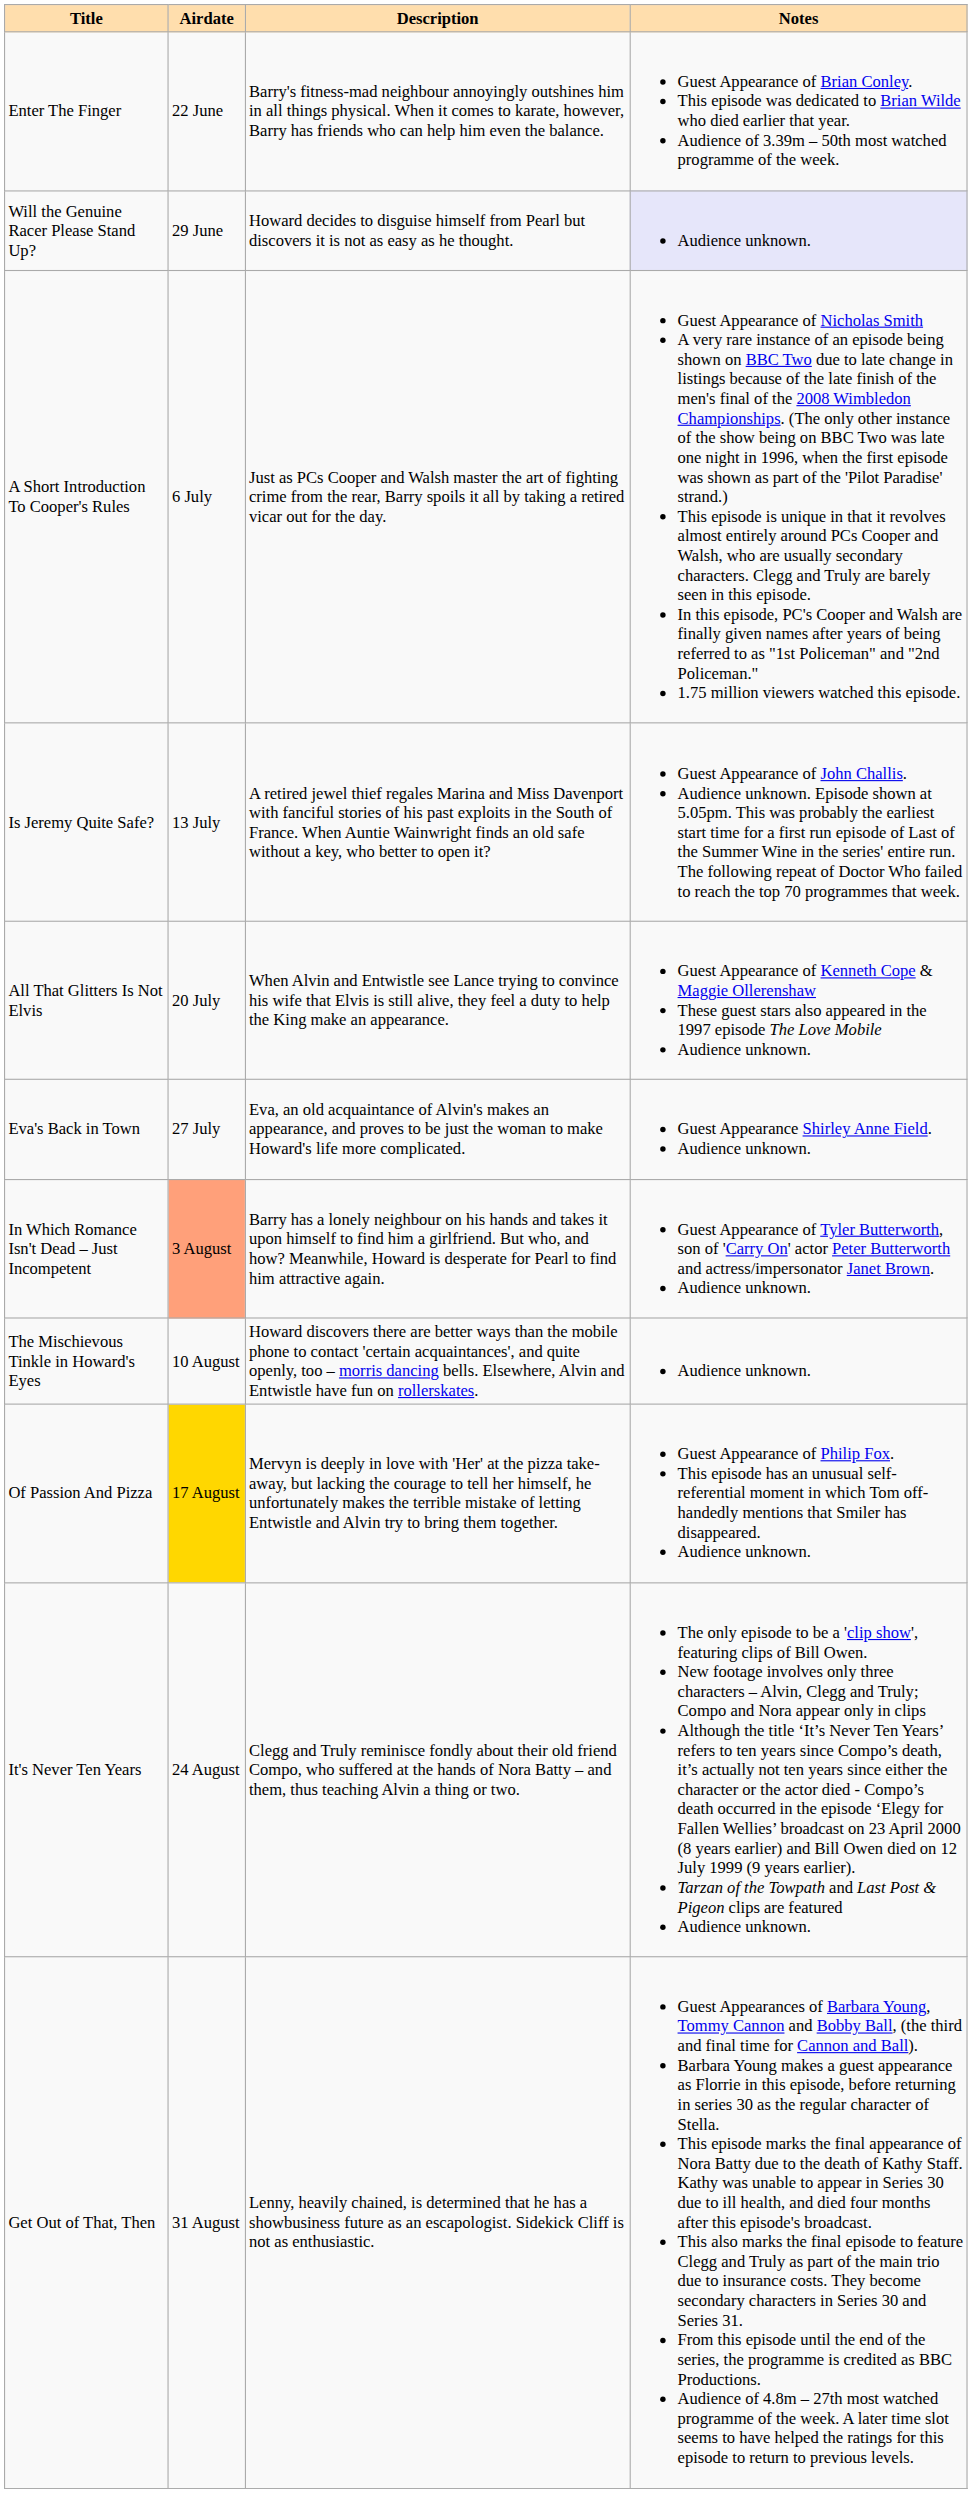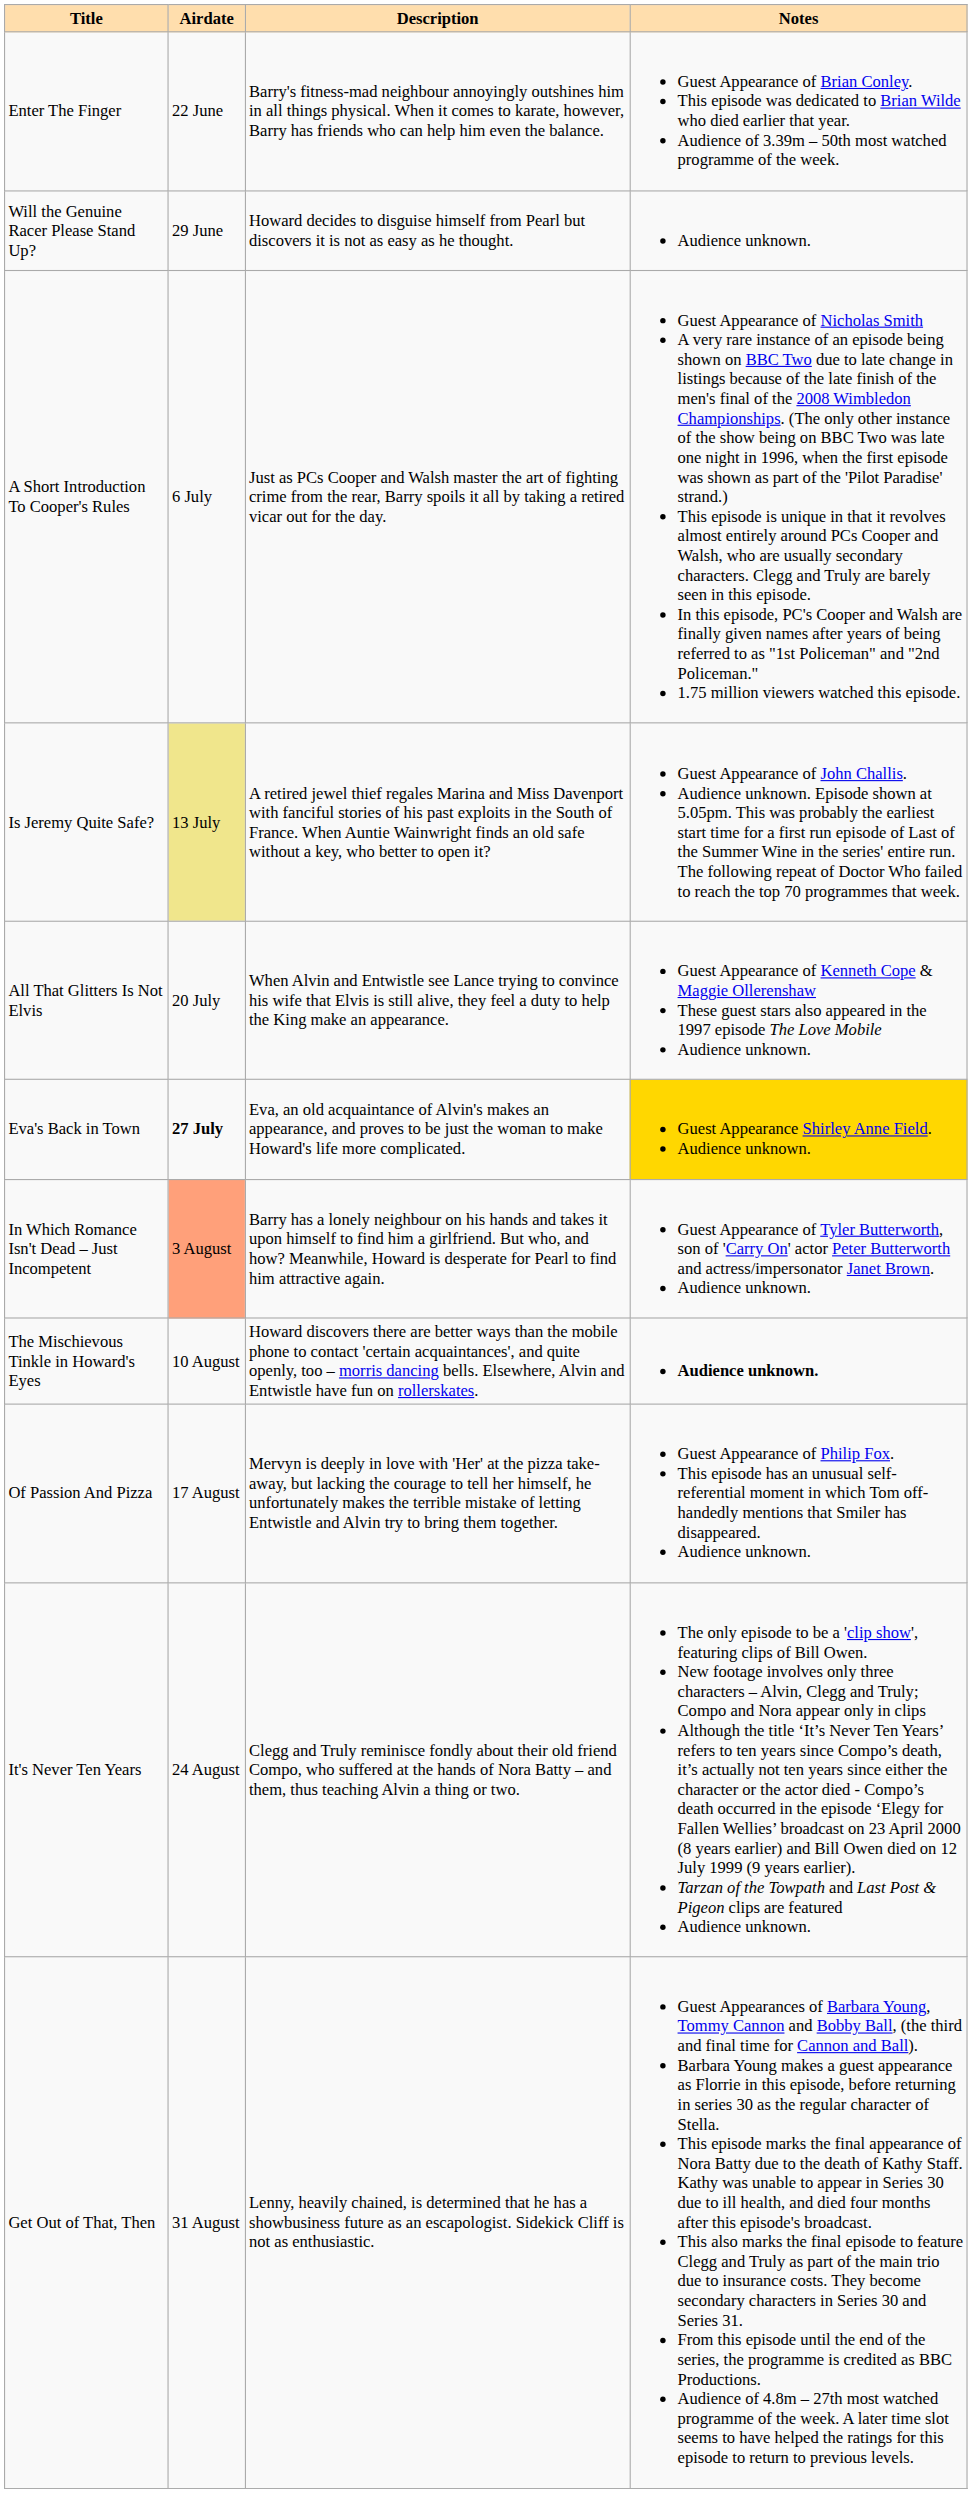 <table class="wikitable" width=100% border=1 style="font-size: 95%">
 <tr>
 <th style="background:#ffdead" width=17%>Title</th>
 <th style="background:#ffdead" width=8%>Airdate</th>
 <th style="background:#ffdead" width=40%>Description</th>
 <th style="background:#ffdead" width=50%>Notes</th>
 </tr>
 <tr>
 <td>Enter The Finger</td>
 <td>22 June</td>
 <td>Barry's fitness-mad neighbour annoyingly outshines him in all things physical. When it comes to karate, however, Barry has friends who can help him even the balance.</td>
 <td><br><ul><li>Guest Appearance of <a href='#'>Brian Conley</a>.</li><li>This episode was dedicated to <a href='#'>Brian Wilde</a> who died earlier that year.</li><li>Audience of 3.39m – 50th most watched programme of the week.</li></ul></td>
 </tr>
 <tr>
 <td>Will the Genuine Racer Please Stand Up?</td>
 <td>29 June</td>
 <td>Howard decides to disguise himself from Pearl but discovers it is not as easy as he thought.</td>
-<td style="background: lavender;"><br><ul><li>Audience unknown.</li></ul></td>
+<td><br><ul><li>Audience unknown.</li></ul></td>
 </tr>
 <tr>
 <td>A Short Introduction To Cooper's Rules</td>
 <td>6 July</td>
 <td>Just as PCs Cooper and Walsh master the art of fighting crime from the rear, Barry spoils it all by taking a retired vicar out for the day.</td>
 <td><br><ul><li>Guest Appearance of <a href='#'>Nicholas Smith</a></li><li>A very rare instance of an episode being shown on <a href='#'>BBC Two</a> due to late change in listings because of the late finish of the men's final of the <a href='#'>2008 Wimbledon Championships</a>. (The only other instance of the show being on BBC Two was late one night in 1996, when the first episode was shown as part of the 'Pilot Paradise' strand.)</li><li>This episode is unique in that it revolves almost entirely around PCs Cooper and Walsh, who are usually secondary characters. Clegg and Truly are barely seen in this episode.</li><li>In this episode, PC's Cooper and Walsh are finally given names after years of being referred to as "1st Policeman" and "2nd Policeman."</li><li>1.75 million viewers watched this episode.</li></ul></td>
 </tr>
 <tr>
 <td>Is Jeremy Quite Safe?</td>
-<td>13 July</td>
+<td style="background: khaki;">13 July</td>
 <td>A retired jewel thief regales Marina and Miss Davenport with fanciful stories of his past exploits in the South of France. When Auntie Wainwright finds an old safe without a key, who better to open it?</td>
 <td><br><ul><li>Guest Appearance of <a href='#'>John Challis</a>.</li><li>Audience unknown.  Episode shown at 5.05pm.  This was probably the earliest start time for a first run episode of Last of the Summer Wine in the series' entire run.  The following repeat of Doctor Who failed to reach the top 70 programmes that week.</li></ul></td>
 </tr>
 <tr>
 <td>All That Glitters Is Not Elvis</td>
 <td>20 July</td>
 <td>When Alvin and Entwistle see Lance trying to convince his wife that Elvis is still alive, they feel a duty to help the King make an appearance.</td>
 <td><br><ul><li>Guest Appearance of <a href='#'>Kenneth Cope</a> & <a href='#'>Maggie Ollerenshaw</a></li><li>These guest stars also appeared in the 1997 episode <em>The Love Mobile</em></li><li>Audience unknown.</li></ul></td>
 </tr>
 <tr>
 <td>Eva's Back in Town</td>
-<td>27 July</td>
+<td><strong>27 July</strong></td>
 <td>Eva, an old acquaintance of Alvin's makes an appearance, and proves to be just the woman to make Howard's life more complicated.</td>
-<td><br><ul><li>Guest Appearance <a href='#'>Shirley Anne Field</a>.</li><li>Audience unknown.</li></ul></td>
+<td style="background: gold;"><br><ul><li>Guest Appearance <a href='#'>Shirley Anne Field</a>.</li><li>Audience unknown.</li></ul></td>
 </tr>
 <tr>
 <td>In Which Romance Isn't Dead – Just Incompetent</td>
 <td style="background: lightsalmon;">3 August</td>
 <td>Barry has a lonely neighbour on his hands and takes it upon himself to find him a girlfriend. But who, and how? Meanwhile, Howard is desperate for Pearl to find him attractive again.</td>
 <td><br><ul><li>Guest Appearance of <a href='#'>Tyler Butterworth</a>, son of '<a href='#'>Carry On</a>' actor <a href='#'>Peter Butterworth</a> and actress/impersonator <a href='#'>Janet Brown</a>.</li><li>Audience unknown.</li></ul></td>
 </tr>
 <tr>
 <td>The Mischievous Tinkle in Howard's Eyes</td>
 <td>10 August</td>
 <td>Howard discovers there are better ways than the mobile phone to contact 'certain acquaintances', and quite openly, too – <a href='#'>morris dancing</a> bells. Elsewhere, Alvin and Entwistle have fun on <a href='#'>rollerskates</a>.</td>
-<td><br><ul><li>Audience unknown.</li></ul></td>
+<td><strong><br><ul><li>Audience unknown.</li></ul></strong></td>
 </tr>
 <tr>
 <td>Of Passion And Pizza</td>
-<td style="background: gold;">17 August</td>
+<td>17 August</td>
 <td>Mervyn is deeply in love with 'Her' at the pizza take-away, but lacking the courage to tell her himself, he unfortunately makes the terrible mistake of letting Entwistle and Alvin try to bring them together.</td>
 <td><br><ul><li>Guest Appearance of <a href='#'>Philip Fox</a>.</li><li>This episode has an unusual self-referential moment in which Tom off-handedly mentions that Smiler has disappeared.</li><li>Audience unknown.</li></ul></td>
 </tr>
 <tr>
 <td>It's Never Ten Years</td>
 <td>24 August</td>
 <td>Clegg and Truly reminisce fondly about their old friend Compo, who suffered at the hands of Nora Batty – and them, thus teaching Alvin a thing or two.</td>
 <td><br><ul><li>The only episode to be a '<a href='#'>clip show</a>', featuring clips of Bill Owen.</li><li>New footage involves only three characters – Alvin, Clegg and Truly; Compo and Nora appear only in clips</li><li>Although the title ‘It’s Never Ten Years’ refers to ten years since Compo’s death, it’s actually not ten years since either the character or the actor died - Compo’s death occurred in the episode ‘Elegy for Fallen Wellies’ broadcast on 23 April 2000 (8 years earlier) and Bill Owen died on 12 July 1999 (9 years earlier).</li><li><em>Tarzan of the Towpath</em> and <em>Last Post & Pigeon</em> clips are featured</li><li>Audience unknown.</li></ul></td>
 </tr>
 <tr>
 <td>Get Out of That, Then</td>
 <td>31 August</td>
 <td>Lenny, heavily chained, is determined that he has a showbusiness future as an escapologist.  Sidekick Cliff is not as enthusiastic.</td>
 <td><br><ul><li>Guest Appearances of <a href='#'>Barbara Young</a>, <a href='#'>Tommy Cannon</a> and <a href='#'>Bobby Ball</a>, (the third and final time for <a href='#'>Cannon and Ball</a>).</li><li>Barbara Young makes a guest appearance as Florrie in this episode, before returning in series 30 as the regular character of Stella.</li><li>This episode marks the final appearance of Nora Batty due to the death of Kathy Staff. Kathy was unable to appear in Series 30 due to ill health, and died four months after this episode's broadcast.</li><li>This also marks the final episode to feature Clegg and Truly as part of the main trio due to insurance costs. They become secondary characters in Series 30 and Series 31.</li><li>From this episode until the end of the series, the programme is credited as BBC Productions.</li><li>Audience of 4.8m – 27th most watched programme of the week.  A later time slot seems to have helped the ratings for this episode to return to previous levels.</li></ul></td>
 </tr>
 <tr>
 </tr>
 </table>
